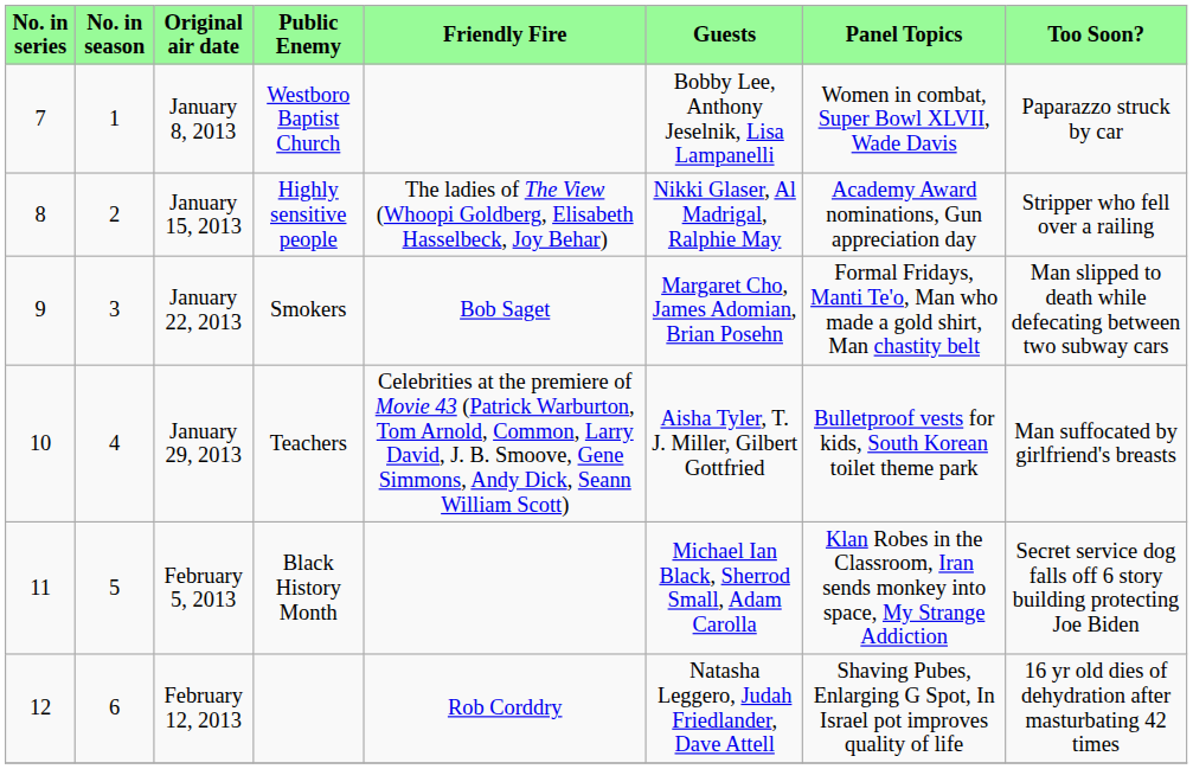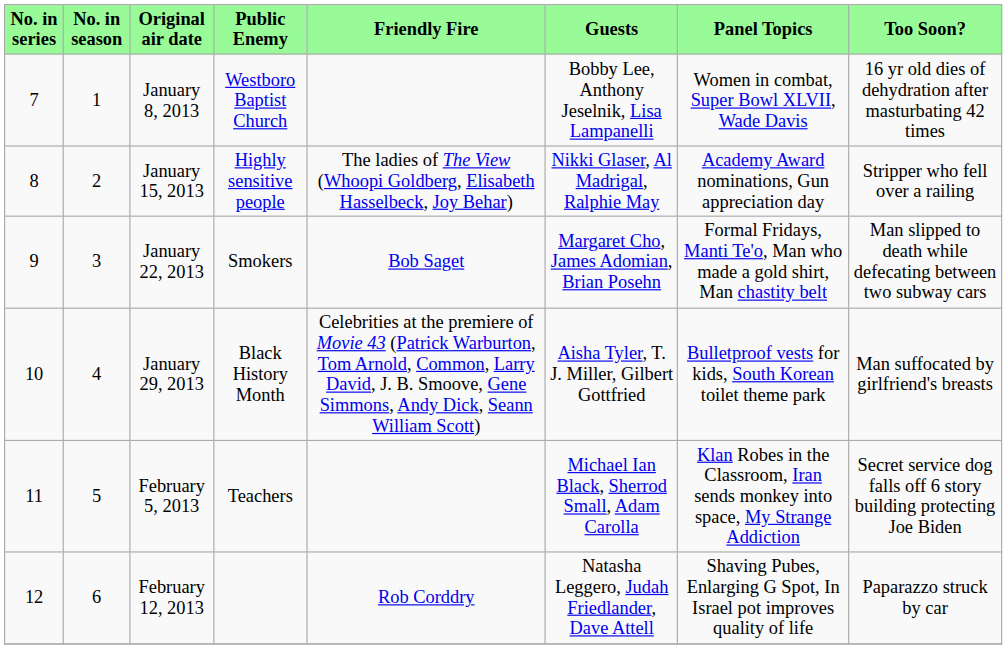 <table class="wikitable" style="text-align: center;">
 <tr bgcolor="#98FB98" align="center">
 <td><strong>No. in series</strong></td>
 <td><strong>No. in season</strong></td>
 <td><strong>Original air date</strong></td>
 <td><strong>Public Enemy</strong></td>
 <td><strong>Friendly Fire</strong></td>
 <td><strong>Guests</strong></td>
 <td><strong>Panel Topics</strong></td>
 <td><strong>Too Soon?</strong></td>
 </tr>
 <tr>
 <td>7</td>
 <td>1</td>
 <td>January 8, 2013</td>
 <td><a href='#'>Westboro Baptist Church</a></td>
 <td></td>
 <td>Bobby Lee, Anthony Jeselnik, <a href='#'>Lisa Lampanelli</a></td>
 <td>Women in combat, <a href='#'>Super Bowl XLVII</a>, <a href='#'>Wade Davis</a></td>
-<td>Paparazzo struck by car</td>
+<td>16 yr old dies of dehydration after masturbating 42 times</td>
 </tr>
 <tr>
 <td>8</td>
 <td>2</td>
 <td>January 15, 2013</td>
 <td><a href='#'>Highly sensitive people</a></td>
 <td>The ladies of <em><a href='#'>The View</a></em> (<a href='#'>Whoopi Goldberg</a>, <a href='#'>Elisabeth Hasselbeck</a>, <a href='#'>Joy Behar</a>)</td>
 <td><a href='#'>Nikki Glaser</a>, <a href='#'>Al Madrigal</a>, <a href='#'>Ralphie May</a></td>
 <td><a href='#'>Academy Award</a> nominations, Gun appreciation day</td>
 <td>Stripper who fell over a railing</td>
 </tr>
 <tr>
 <td>9</td>
 <td>3</td>
 <td>January 22, 2013</td>
 <td>Smokers</td>
 <td><a href='#'>Bob Saget</a></td>
 <td><a href='#'>Margaret Cho</a>, <a href='#'>James Adomian</a>, <a href='#'>Brian Posehn</a></td>
 <td>Formal Fridays, <a href='#'>Manti Te'o</a>, Man who made a gold shirt, Man <a href='#'>chastity belt</a></td>
 <td>Man slipped to death while defecating between two subway cars</td>
 </tr>
 <tr>
 <td>10</td>
 <td>4</td>
 <td>January 29, 2013</td>
-<td>Teachers</td>
+<td>Black History Month</td>
 <td>Celebrities at the premiere of <em><a href='#'>Movie 43</a></em> (<a href='#'>Patrick Warburton</a>, <a href='#'>Tom Arnold</a>, <a href='#'>Common</a>, <a href='#'>Larry David</a>, J. B. Smoove, <a href='#'>Gene Simmons</a>, <a href='#'>Andy Dick</a>, <a href='#'>Seann William Scott</a>)</td>
 <td><a href='#'>Aisha Tyler</a>, T. J. Miller, Gilbert Gottfried</td>
 <td><a href='#'>Bulletproof vests</a> for kids, <a href='#'>South Korean</a> toilet theme park</td>
 <td>Man suffocated by girlfriend's breasts</td>
 </tr>
 <tr>
 <td>11</td>
 <td>5</td>
 <td>February 5, 2013</td>
-<td>Black History Month</td>
+<td>Teachers</td>
 <td></td>
 <td><a href='#'>Michael Ian Black</a>, <a href='#'>Sherrod Small</a>, <a href='#'>Adam Carolla</a></td>
 <td><a href='#'>Klan</a> Robes in the Classroom, <a href='#'>Iran</a> sends monkey into space, <a href='#'>My Strange Addiction</a></td>
 <td>Secret service dog falls off 6 story building protecting Joe Biden</td>
 </tr>
 <tr>
 <td>12</td>
 <td>6</td>
 <td>February 12, 2013</td>
 <td></td>
 <td><a href='#'>Rob Corddry</a></td>
 <td>Natasha Leggero, <a href='#'>Judah Friedlander</a>, <a href='#'>Dave Attell</a></td>
 <td>Shaving Pubes, Enlarging G Spot, In Israel pot improves quality of life</td>
-<td>16 yr old dies of dehydration after masturbating 42 times</td>
+<td>Paparazzo struck by car</td>
 </tr>
 <tr>
 </tr>
 </table>
